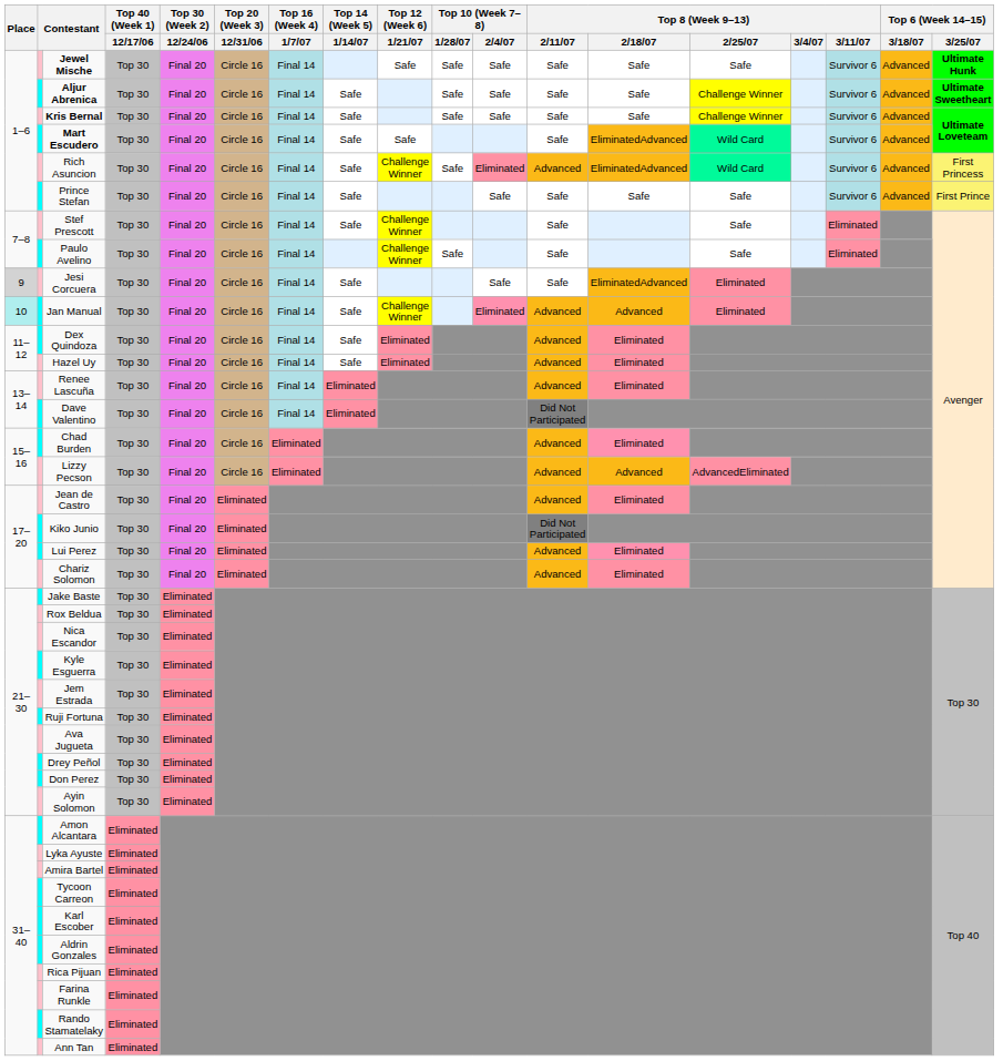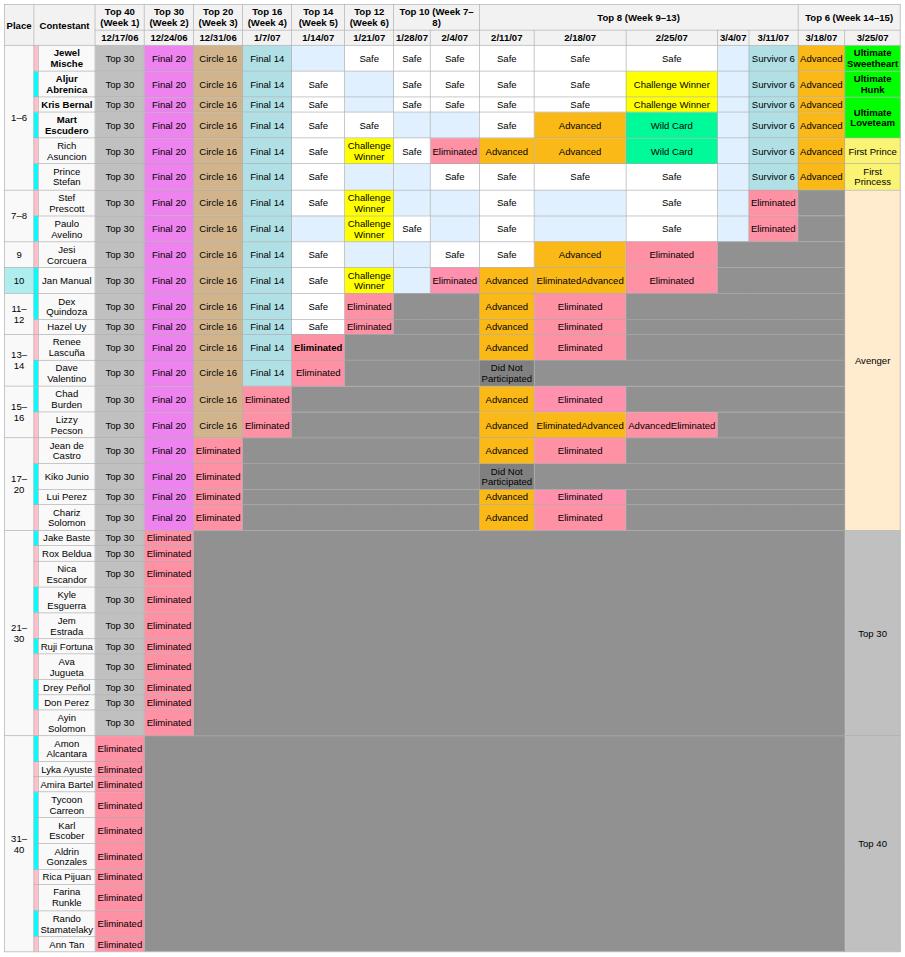 <table class="wikitable nowrap" style="text-align:center; font-size:95%; width:99%;">
 <tr>
 <th scope="col" rowspan="2">Place</th>
 <th scope="col" rowspan="2" colspan="2">Contestant</th>
 <th scope="col" style="width:7%;">Top 40 (Week 1)</th>
 <th scope="col" style="width:7%;">Top 30 (Week 2)</th>
 <th scope="col" style="width:7%;">Top 20 (Week 3)</th>
 <th scope="col" style="width:7%;">Top 16 (Week 4)</th>
 <th scope="col" style="width:7%;">Top 14 (Week 5)</th>
 <th scope="col" style="width:7%;">Top 12 (Week 6)</th>
 <th scope="col" colspan="2" style="width:24%;">Top 10 (Week 7–8)</th>
 <th scope="col" colspan="5" style="width:24%;">Top 8 (Week 9–13)</th>
 <th scope="col" colspan="2" style="width:24%;">Top 6 (Week 14–15)</th>
 </tr>
 <tr>
 <th scope="col">12/17/06 </th>
 <th scope="col">12/24/06 </th>
 <th scope="col">12/31/06 </th>
 <th scope="col">1/7/07</th>
 <th scope="col">1/14/07</th>
 <th scope="col">1/21/07</th>
 <th scope="col">1/28/07 </th>
 <th scope="col">2/4/07 </th>
 <th scope="col">2/11/07 </th>
 <th scope="col">2/18/07 </th>
 <th scope="col">2/25/07 </th>
 <th scope="col">3/4/07 </th>
 <th scope="col">3/11/07 </th>
 <th scope="col">3/18/07</th>
 <th scope="col">3/25/07 </th>
 </tr>
 <tr>
 <td rowspan="6">1–6</td>
 <td style="background:pink;"></td>
 <td><strong>Jewel Mische</strong></td>
 <td style="background:silver">Top 30</td>
 <td style="background:violet">Final 20</td>
 <td style="background:tan">Circle 16</td>
 <td style="background:#B0E0E6">Final 14</td>
 <td style="background:#e0f0ff"></td>
 <td style="background:#FFFFFF">Safe</td>
 <td style="background:#FFFFFF">Safe</td>
 <td style="background:#FFFFFF">Safe</td>
 <td style="background:#FFFFFF">Safe</td>
 <td style="background:#FFFFFF">Safe</td>
 <td style="background:#FFFFFF">Safe</td>
 <td style="background:#e0f0ff"></td>
 <td style="background:#B0E0E6">Survivor 6</td>
 <td style="background: #FBB917">Advanced</td>
-<td style="background:lime" align="center"><strong>Ultimate Hunk</strong></td>
+<td style="background:lime" align="center"><strong>Ultimate Sweetheart</strong></td>
 </tr>
 <tr>
 <td style="background:cyan;"></td>
 <td><strong>Aljur Abrenica</strong></td>
 <td style="background:silver">Top 30</td>
 <td style="background:violet">Final 20</td>
 <td style="background:tan">Circle 16</td>
 <td style="background:#B0E0E6">Final 14</td>
 <td style="background:#FFFFFF">Safe</td>
 <td style="background:#e0f0ff"></td>
 <td style="background:#FFFFFF">Safe</td>
 <td style="background:#FFFFFF">Safe</td>
 <td style="background:#FFFFFF">Safe</td>
 <td style="background:#FFFFFF">Safe</td>
 <td style="background:#FFFF00">Challenge Winner</td>
 <td style="background:#e0f0ff"></td>
 <td style="background:#B0E0E6">Survivor 6</td>
 <td style="background: #FBB917">Advanced</td>
-<td style="background:lime" align="center"><strong>Ultimate Sweetheart</strong></td>
+<td style="background:lime" align="center"><strong>Ultimate Hunk</strong></td>
 </tr>
 <tr>
 <td style="background:pink;"></td>
 <td><strong>Kris Bernal</strong></td>
 <td style="background:silver">Top 30</td>
 <td style="background:violet">Final 20</td>
 <td style="background:tan">Circle 16</td>
 <td style="background:#B0E0E6">Final 14</td>
 <td style="background:#FFFFFF">Safe</td>
 <td style="background:#e0f0ff"></td>
 <td style="background:#FFFFFF">Safe</td>
 <td style="background:#FFFFFF">Safe</td>
 <td style="background:#FFFFFF">Safe</td>
 <td style="background:#FFFFFF">Safe</td>
 <td style="background:#FFFF00">Challenge Winner</td>
 <td style="background:#e0f0ff"></td>
 <td style="background:#B0E0E6">Survivor 6</td>
 <td style="background: #FBB917">Advanced</td>
 <td style="background:lime" rowspan=2><strong>Ultimate Loveteam</strong></td>
 </tr>
 <tr>
 <td style="background:cyan;"></td>
 <td><strong>Mart Escudero</strong></td>
 <td style="background:silver">Top 30</td>
 <td style="background:violet">Final 20</td>
 <td style="background:tan">Circle 16</td>
 <td style="background:#B0E0E6">Final 14</td>
 <td style="background:#FFFFFF">Safe</td>
 <td style="background:#FFFFFF">Safe</td>
 <td style="background:#e0f0ff"></td>
 <td style="background:#e0f0ff"></td>
 <td style="background:#FFFFFF">Safe</td>
-<td style="background:#FBB917">EliminatedAdvanced</td>
+<td style="background:#FBB917">Advanced</td>
 <td style="background:#00fa9a">Wild Card</td>
 <td style="background:#e0f0ff"></td>
 <td style="background:#B0E0E6">Survivor 6</td>
 <td style="background: #FBB917">Advanced</td>
 </tr>
 <tr>
 <td style="background:pink;"></td>
 <td>Rich Asuncion</td>
 <td style="background:silver">Top 30</td>
 <td style="background:violet">Final 20</td>
 <td style="background:tan">Circle 16</td>
 <td style="background:#B0E0E6">Final 14</td>
 <td style="background:#FFFFFF">Safe</td>
 <td style="background:#FFFF00">Challenge Winner</td>
 <td style="background:#FFFFFF">Safe</td>
 <td style="background:#FF91A4">Eliminated</td>
 <td style="background:#FBB917">Advanced</td>
-<td style="background:#FBB917">EliminatedAdvanced</td>
+<td style="background:#FBB917">Advanced</td>
 <td style="background:#00fa9a">Wild Card</td>
 <td style="background:#e0f0ff"></td>
 <td style="background:#B0E0E6">Survivor 6</td>
 <td style="background: #FBB917">Advanced</td>
-<td style="background:#FBF373">First Princess</td>
+<td style="background:#FBF373">First Prince</td>
 </tr>
 <tr>
 <td style="background:cyan;"></td>
 <td>Prince Stefan</td>
 <td style="background:silver">Top 30</td>
 <td style="background:violet">Final 20</td>
 <td style="background:tan">Circle 16</td>
 <td style="background:#B0E0E6">Final 14</td>
 <td style="background:#FFFFFF">Safe</td>
 <td style="background:#e0f0ff"></td>
 <td style="background:#e0f0ff"></td>
 <td style="background:#FFFFFF">Safe</td>
 <td style="background:#FFFFFF">Safe</td>
 <td style="background:#FFFFFF">Safe</td>
 <td style="background:#FFFFFF">Safe</td>
 <td style="background:#e0f0ff"></td>
 <td style="background:#B0E0E6">Survivor 6</td>
 <td style="background: #FBB917">Advanced</td>
-<td style="background:#FBF373">First Prince</td>
+<td style="background:#FBF373">First Princess</td>
 </tr>
 <tr>
 <td rowspan="2">7–8</td>
 <td style="background:pink;"></td>
 <td>Stef Prescott</td>
 <td style="background:silver">Top 30</td>
 <td style="background:violet">Final 20</td>
 <td style="background:tan">Circle 16</td>
 <td style="background:#B0E0E6">Final 14</td>
 <td style="background:#FFFFFF">Safe</td>
 <td style="background:#FFFF00">Challenge Winner</td>
 <td style="background:#e0f0ff"></td>
 <td style="background:#e0f0ff"></td>
 <td style="background:#FFFFFF">Safe</td>
 <td style="background:#e0f0ff"></td>
 <td style="background:#FFFFFF">Safe</td>
 <td style="background:#e0f0ff"></td>
 <td style="background:#FF91A4">Eliminated</td>
 <td style="background:#919191" colspan="1"></td>
 <td style="background:#FFEBCD" rowspan=14>Avenger</td>
 </tr>
 <tr>
 <td style="background:cyan;"></td>
 <td>Paulo Avelino</td>
 <td style="background:silver">Top 30</td>
 <td style="background:violet">Final 20</td>
 <td style="background:tan">Circle 16</td>
 <td style="background:#B0E0E6">Final 14</td>
 <td style="background:#e0f0ff"></td>
 <td style="background:#FFFF00">Challenge Winner</td>
 <td style="background:#FFFFFF">Safe</td>
 <td style="background:#e0f0ff"></td>
 <td style="background:#FFFFFF">Safe</td>
 <td style="background:#e0f0ff"></td>
 <td style="background:#FFFFFF">Safe</td>
 <td style="background:#e0f0ff"></td>
 <td style="background:#FF91A4">Eliminated</td>
 <td style="background:#919191" colspan="1"></td>
 </tr>
 <tr>
-<td style="background: lightgrey;">9</td>
+<td>9</td>
 <td style="background:pink;"></td>
 <td>Jesi Corcuera</td>
 <td style="background:silver">Top 30</td>
 <td style="background:violet">Final 20</td>
 <td style="background:tan">Circle 16</td>
 <td style="background:#B0E0E6">Final 14</td>
 <td style="background:#FFFFFF">Safe</td>
 <td style="background:#e0f0ff"></td>
 <td style="background:#e0f0ff"></td>
 <td style="background:#FFFFFF">Safe</td>
 <td style="background:#FFFFFF">Safe</td>
-<td style="background:#FBB917">EliminatedAdvanced</td>
+<td style="background:#FBB917">Advanced</td>
 <td style="background:#FF91A4">Eliminated</td>
 <td style="background:#919191" colspan="3"></td>
 </tr>
 <tr>
 <td style="background: paleturquoise;">10</td>
 <td style="background:cyan;"></td>
 <td>Jan Manual</td>
 <td style="background:silver">Top 30</td>
 <td style="background:violet">Final 20</td>
 <td style="background:tan">Circle 16</td>
 <td style="background:#B0E0E6">Final 14</td>
 <td style="background:#FFFFFF">Safe</td>
 <td style="background:#FFFF00">Challenge Winner</td>
 <td style="background:#e0f0ff"></td>
 <td style="background:#FF91AF">Eliminated</td>
 <td style="background:#FBB917">Advanced</td>
-<td style="background:#FBB917">Advanced</td>
+<td style="background:#FBB917">EliminatedAdvanced</td>
 <td style="background:#FF91A4">Eliminated</td>
 <td style="background:#919191" colspan="3"></td>
 </tr>
 <tr>
 <td rowspan="2">11–12</td>
 <td style="background:cyan;"></td>
 <td>Dex Quindoza</td>
 <td style="background:silver">Top 30</td>
 <td style="background:violet">Final 20</td>
 <td style="background:tan">Circle 16</td>
 <td style="background:#B0E0E6">Final 14</td>
 <td style="background:#FFFFFF">Safe</td>
 <td style="background:#FF91A4">Eliminated</td>
 <td style="background:#919191" colspan="2"></td>
 <td style="background:#FBB917">Advanced</td>
 <td style="background:#FF91A4">Eliminated</td>
 <td style="background:#919191" colspan="4"></td>
 </tr>
 <tr>
 <td style="background:pink;"></td>
 <td>Hazel Uy</td>
 <td style="background:silver">Top 30</td>
 <td style="background:violet">Final 20</td>
 <td style="background:tan">Circle 16</td>
 <td style="background:#B0E0E6">Final 14</td>
 <td style="background:#FFFFFF">Safe</td>
 <td style="background:#FF91A4">Eliminated</td>
 <td style="background:#919191" colspan="2"></td>
 <td style="background:#FBB917">Advanced</td>
 <td style="background:#FF91A4">Eliminated</td>
 <td style="background:#919191" colspan="4"></td>
 </tr>
 <tr>
 <td rowspan="2">13–14</td>
 <td style="background:pink;"></td>
 <td>Renee Lascuña</td>
 <td style="background:silver">Top 30</td>
 <td style="background:violet">Final 20</td>
 <td style="background:tan">Circle 16</td>
 <td style="background:#B0E0E6">Final 14</td>
-<td style="background:#FF91A4">Eliminated</td>
+<td style="background:#FF91A4"><strong>Eliminated</strong></td>
 <td style="background:#919191" colspan="3"></td>
 <td style="background:#FBB917">Advanced</td>
 <td style="background:#FF91A4">Eliminated</td>
 <td style="background:#919191" colspan="4"></td>
 </tr>
 <tr>
 <td style="background:cyan;"></td>
 <td>Dave Valentino</td>
 <td style="background:silver">Top 30</td>
 <td style="background:violet">Final 20</td>
 <td style="background:tan">Circle 16</td>
 <td style="background:#B0E0E6">Final 14</td>
 <td style="background:#FF91A4">Eliminated</td>
 <td style="background:#919191" colspan="3"></td>
 <td style="background:gray">Did Not Participated</td>
 <td style="background:#919191" colspan="5"></td>
 </tr>
 <tr>
 <td rowspan="2">15–16</td>
 <td style="background:cyan;"></td>
 <td>Chad Burden</td>
 <td style="background:silver">Top 30</td>
 <td style="background:violet">Final 20</td>
 <td style="background:tan">Circle 16</td>
 <td style="background:#FF91A4">Eliminated</td>
 <td style="background:#919191" colspan="4"></td>
 <td style="background:#FBB917">Advanced</td>
 <td style="background:#FF91AF">Eliminated</td>
 <td style="background:#919191" colspan="4"></td>
 </tr>
 <tr>
 <td style="background:pink;"></td>
 <td>Lizzy Pecson</td>
 <td style="background:silver">Top 30</td>
 <td style="background:violet">Final 20</td>
 <td style="background:tan">Circle 16</td>
 <td style="background:#FF91A4">Eliminated</td>
 <td style="background:#919191" colspan="4"></td>
 <td style="background:#FBB917">Advanced</td>
-<td style="background:#FBB917">Advanced</td>
+<td style="background:#FBB917">EliminatedAdvanced</td>
 <td style="background:#FF91A4">AdvancedEliminated</td>
 <td style="background:#919191" colspan="3"></td>
 </tr>
 <tr>
 <td rowspan="4">17–20</td>
 <td style="background:pink;"></td>
 <td>Jean de Castro</td>
 <td style="background:silver">Top 30</td>
 <td style="background:violet">Final 20</td>
 <td style="background:#FF91A4">Eliminated</td>
 <td style="background:#919191" colspan="5"></td>
 <td style="background:#FBB917">Advanced</td>
 <td style="background:#FF91A4">Eliminated</td>
 <td style="background:#919191" colspan="4"></td>
 </tr>
 <tr>
 <td style="background:cyan;"></td>
 <td>Kiko Junio</td>
 <td style="background:silver">Top 30</td>
 <td style="background:violet">Final 20</td>
 <td style="background:#FF91A4">Eliminated</td>
 <td style="background:#919191" colspan="5"></td>
 <td style="background:gray">Did Not Participated</td>
 <td style="background:#919191" colspan="5"></td>
 </tr>
 <tr>
 <td style="background:cyan;"></td>
 <td>Lui Perez</td>
 <td style="background:silver">Top 30</td>
 <td style="background:violet">Final 20</td>
 <td style="background:#FF91A4">Eliminated</td>
 <td style="background:#919191" colspan="5"></td>
 <td style="background:#FBB917">Advanced</td>
 <td style="background:#FF91AF">Eliminated</td>
 <td style="background:#919191" colspan="4"></td>
 </tr>
 <tr>
 <td style="background:pink;"></td>
 <td>Chariz Solomon</td>
 <td style="background:silver">Top 30</td>
 <td style="background:violet">Final 20</td>
 <td style="background:#FF91A4">Eliminated</td>
 <td style="background:#919191" colspan="5"></td>
 <td style="background:#FBB917">Advanced</td>
 <td style="background:#FF91A4">Eliminated</td>
 <td style="background:#919191" colspan="4"></td>
 </tr>
 <tr>
 <td rowspan="10">21–30</td>
 <td style="background:cyan;"></td>
 <td>Jake Baste</td>
 <td style="background:silver">Top 30</td>
 <td style="background:#FF91A4">Eliminated</td>
 <td style="background:#919191" colspan="12" rowspan=10></td>
 <td style="background:silver" rowspan=10>Top 30</td>
 </tr>
 <tr>
 <td style="background:pink;"></td>
 <td>Rox Beldua</td>
 <td style="background:silver">Top 30</td>
 <td style="background:#FF91A4">Eliminated</td>
 </tr>
 <tr>
 <td style="background:pink;"></td>
 <td>Nica Escandor</td>
 <td style="background:silver">Top 30</td>
 <td style="background:#FF91A4">Eliminated</td>
 </tr>
 <tr>
 <td style="background:cyan;"></td>
 <td>Kyle Esguerra</td>
 <td style="background:silver">Top 30</td>
 <td style="background:#FF91A4">Eliminated</td>
 </tr>
 <tr>
 <td style="background:pink;"></td>
 <td>Jem Estrada</td>
 <td style="background:silver">Top 30</td>
 <td style="background:#FF91A4">Eliminated</td>
 </tr>
 <tr>
 <td style="background:cyan;"></td>
 <td>Ruji Fortuna</td>
 <td style="background:silver">Top 30</td>
 <td style="background:#FF91A4">Eliminated</td>
 </tr>
 <tr>
 <td style="background:pink;"></td>
 <td>Ava Jugueta</td>
 <td style="background:silver">Top 30</td>
 <td style="background:#FF91A4">Eliminated</td>
 </tr>
 <tr>
 <td style="background:cyan;"></td>
 <td>Drey Peñol</td>
 <td style="background:silver">Top 30</td>
 <td style="background:#FF91A4">Eliminated</td>
 </tr>
 <tr>
 <td style="background:cyan;"></td>
 <td>Don Perez</td>
 <td style="background:silver">Top 30</td>
 <td style="background:#FF91A4">Eliminated</td>
 </tr>
 <tr>
 <td style="background:pink;"></td>
 <td>Ayin Solomon</td>
 <td style="background:silver">Top 30</td>
 <td style="background:#FF91A4">Eliminated</td>
 </tr>
 <tr>
 <td rowspan="10">31–40</td>
 <td style="background:cyan;"></td>
 <td>Amon Alcantara</td>
 <td style="background:#FF91A4">Eliminated</td>
 <td style="background:#919191" colspan="13" rowspan=10></td>
 <td style="background:silver" rowspan=10>Top 40</td>
 </tr>
 <tr>
 <td style="background:pink;"></td>
 <td>Lyka Ayuste</td>
 <td style="background:#FF91A4">Eliminated</td>
 </tr>
 <tr>
 <td style="background:pink;"></td>
 <td>Amira Bartel</td>
 <td style="background:#FF91A4">Eliminated</td>
 </tr>
 <tr>
 <td style="background:cyan;"></td>
 <td>Tycoon Carreon</td>
 <td style="background:#FF91A4">Eliminated</td>
 </tr>
 <tr>
 <td style="background:cyan;"></td>
 <td>Karl Escober</td>
 <td style="background:#FF91A4">Eliminated</td>
 </tr>
 <tr>
 <td style="background:cyan;"></td>
 <td>Aldrin Gonzales</td>
 <td style="background:#FF91A4">Eliminated</td>
 </tr>
 <tr>
 <td style="background:pink;"></td>
 <td>Rica Pijuan</td>
 <td style="background:#FF91A4">Eliminated</td>
 </tr>
 <tr>
 <td style="background:pink;"></td>
 <td>Farina Runkle</td>
 <td style="background:#FF91A4">Eliminated</td>
 </tr>
 <tr>
 <td style="background:cyan;"></td>
 <td>Rando Stamatelaky</td>
 <td style="background:#FF91A4">Eliminated</td>
 </tr>
 <tr>
 <td style="background:pink;"></td>
 <td>Ann Tan</td>
 <td style="background:#FF91A4">Eliminated</td>
 </tr>
 </table>
